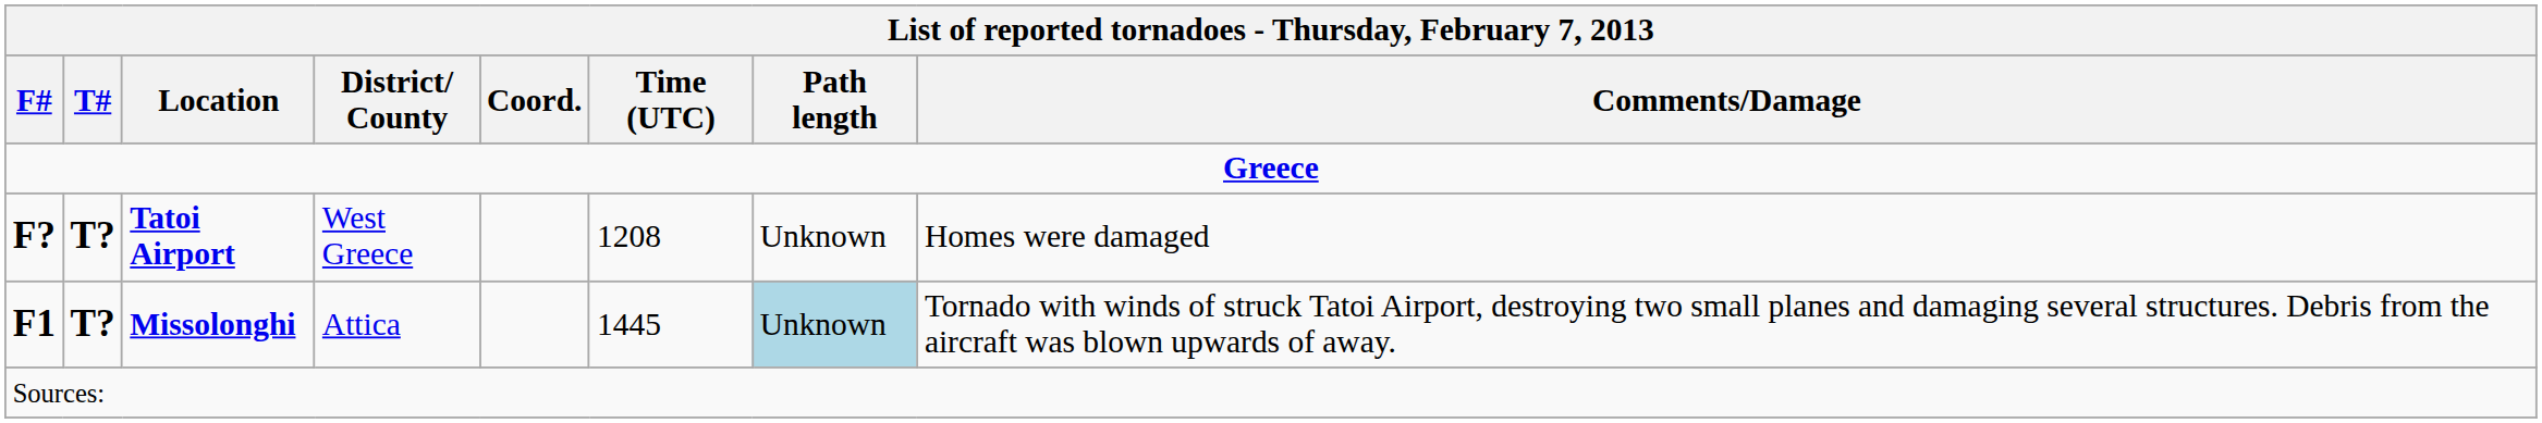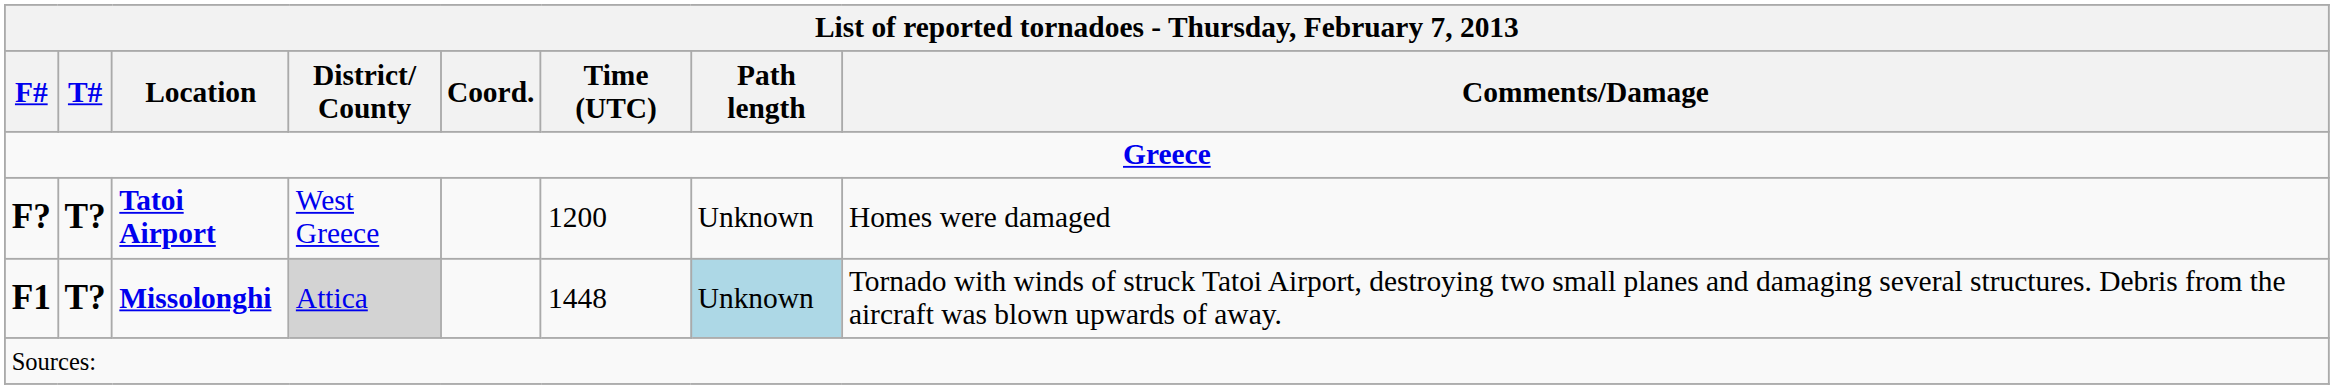 <table class="wikitable collapsible" width="100%">
 <tr>
 <th colspan="8">List of reported tornadoes - Thursday, February 7, 2013</th>
 </tr>
 <tr>
 <th><a href='#'>F#</a></th>
 <th><a href='#'>T#</a></th>
 <th>Location</th>
 <th>District/<br>County</th>
 <th>Coord.</th>
 <th>Time (UTC)</th>
 <th>Path length</th>
 <th>Comments/Damage</th>
 </tr>
 <tr>
 <td colspan="8" align=center><strong><a href='#'>Greece</a></strong></td>
 </tr>
 <tr>
 <td><big><strong>F?</strong></big></td>
 <td><big><strong>T?</strong></big></td>
 <td><strong><a href='#'>Tatoi Airport</a></strong></td>
 <td><a href='#'>West Greece</a></td>
 <td></td>
-<td>1208</td>
+<td>1200</td>
 <td>Unknown</td>
 <td>Homes were damaged</td>
 </tr>
 <tr>
 <td><big><strong>F1</strong></big></td>
 <td><big><strong>T?</strong></big></td>
 <td><strong><a href='#'>Missolonghi</a></strong></td>
-<td><a href='#'>Attica</a></td>
+<td style="background: lightgrey;"><a href='#'>Attica</a></td>
 <td></td>
-<td>1445</td>
+<td>1448</td>
 <td style="background: lightblue;">Unknown</td>
 <td>Tornado with winds of  struck Tatoi Airport, destroying two small planes and damaging several structures. Debris from the aircraft was blown upwards of  away.</td>
 </tr>
 <tr>
 <td colspan="8"><small>Sources:  </small></td>
 </tr>
 </table>
